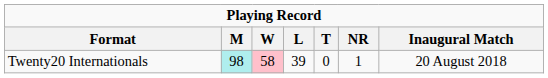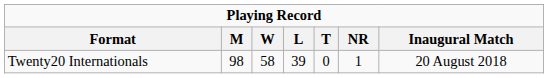 <table class="wikitable" style="text-align: center; width: 600px;">
 <tr>
 <td colspan=7 align="center"><strong>Playing Record</strong></td>
 </tr>
 <tr>
 <th>Format</th>
 <th>M</th>
 <th>W</th>
 <th>L</th>
 <th>T</th>
 <th>NR</th>
 <th>Inaugural Match</th>
 </tr>
 <tr>
 <td align="left">Twenty20 Internationals</td>
-<td style="background: paleturquoise;">98</td>
-<td style="background: pink;">58</td>
+<td>98</td>
+<td>58</td>
 <td>39</td>
 <td>0</td>
 <td>1</td>
 <td>20 August 2018</td>
 </tr>
 </table>
